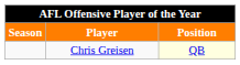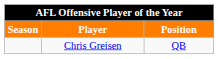 <table class="wikitable sortable" style="text-align:center">
 <tr>
 <td colspan="4" style="background:black; color:white;"><strong>AFL Offensive Player of the Year</strong></td>
 </tr>
 <tr>
 <th style="width:50px; background:#FF7E00; color:white;">Season</th>
 <th style="width:150px; background:#FF7E00; color:white;">Player</th>
 <th style="width:100px; background:#FF7E00; color:white;">Position</th>
 </tr>
 <tr>
 <td></td>
 <td><a href='#'>Chris Greisen</a></td>
-<td style="background: lightyellow;"><a href='#'>QB</a></td>
+<td><a href='#'>QB</a></td>
 </tr>
 </table>
